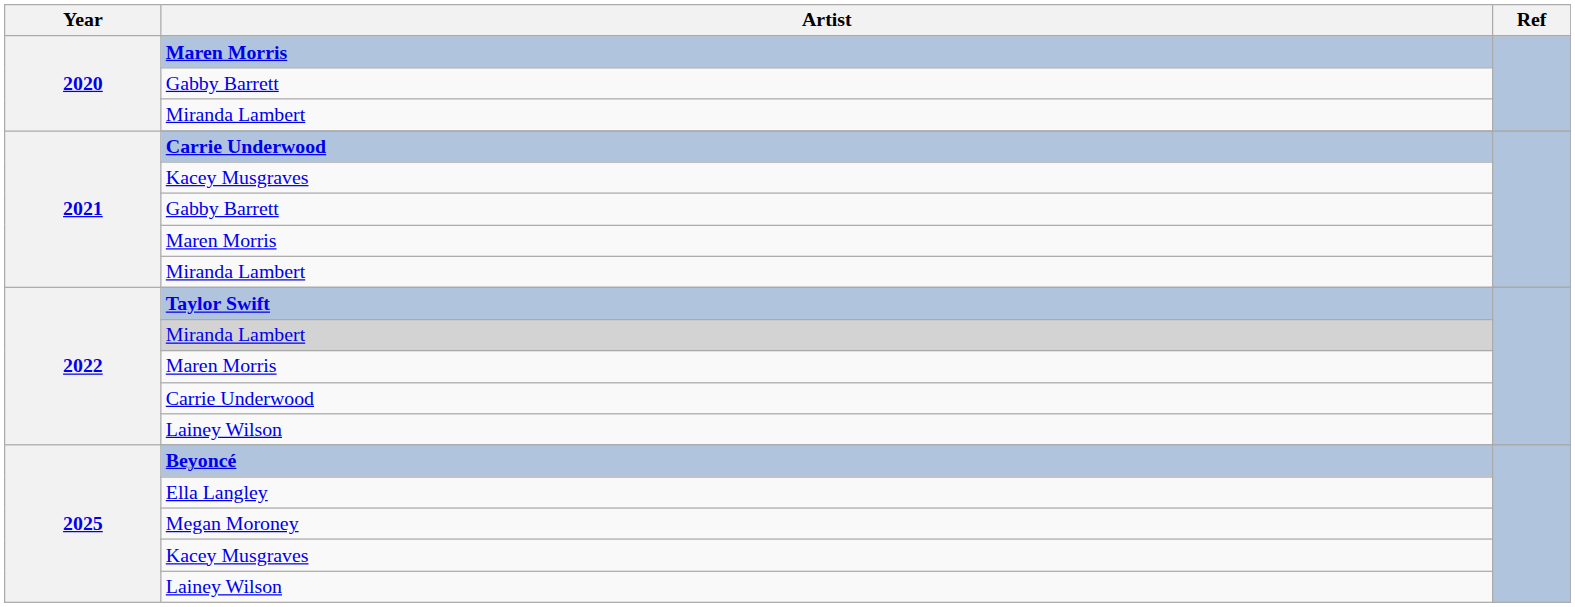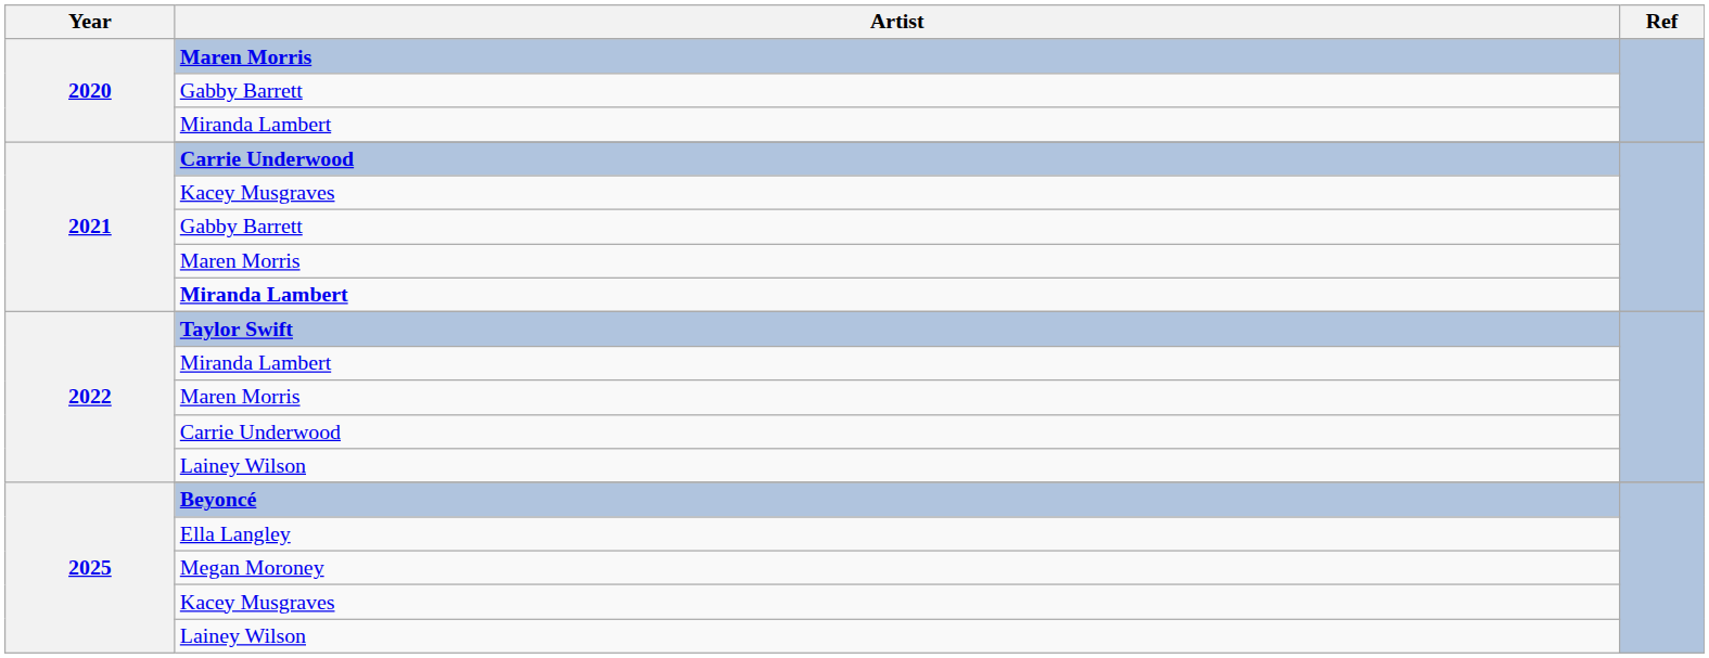 <table class="wikitable" width="100%">
 <tr>
 <th width="10%">Year</th>
 <th width="85%">Artist</th>
 <th width="5%">Ref</th>
 </tr>
 <tr>
 <th rowspan="4" align="center"><a href='#'>2020<br></a></th>
 </tr>
 <tr style="background:#B0C4DE">
 <td><strong><a href='#'>Maren Morris</a></strong></td>
 <td rowspan=3 align="center"></td>
 </tr>
 <tr>
 <td><a href='#'>Gabby Barrett</a></td>
 </tr>
 <tr>
 <td><a href='#'>Miranda Lambert</a></td>
 </tr>
 <tr>
 <th rowspan="6" align="center"><a href='#'>2021<br></a></th>
 </tr>
 <tr style="background:#B0C4DE">
 <td><strong><a href='#'>Carrie Underwood</a></strong></td>
 <td rowspan=5 align="center"></td>
 </tr>
 <tr>
 <td><a href='#'>Kacey Musgraves</a></td>
 </tr>
 <tr>
 <td><a href='#'>Gabby Barrett</a></td>
 </tr>
 <tr>
 <td><a href='#'>Maren Morris</a></td>
 </tr>
 <tr>
-<td><a href='#'>Miranda Lambert</a></td>
+<td><strong><a href='#'>Miranda Lambert</a></strong></td>
 </tr>
 <tr>
 <th rowspan="6"><a href='#'>2022<br></a></th>
 </tr>
 <tr style="background:#B0C4DE">
 <td><strong><a href='#'>Taylor Swift</a></strong></td>
 <td rowspan=5 align="center"></td>
 </tr>
 <tr>
-<td style="background: lightgrey;"><a href='#'>Miranda Lambert</a></td>
+<td><a href='#'>Miranda Lambert</a></td>
 </tr>
 <tr>
 <td><a href='#'>Maren Morris</a></td>
 </tr>
 <tr>
 <td><a href='#'>Carrie Underwood</a></td>
 </tr>
 <tr>
 <td><a href='#'>Lainey Wilson</a></td>
 </tr>
 <tr>
 <th rowspan="6"><a href='#'>2025<br></a></th>
 </tr>
 <tr style="background:#B0C4DE">
 <td><strong><a href='#'>Beyoncé</a></strong></td>
 <td rowspan=5 align="center"></td>
 </tr>
 <tr>
 <td><a href='#'>Ella Langley</a></td>
 </tr>
 <tr>
 <td><a href='#'>Megan Moroney</a></td>
 </tr>
 <tr>
 <td><a href='#'>Kacey Musgraves</a></td>
 </tr>
 <tr>
 <td><a href='#'>Lainey Wilson</a></td>
 </tr>
 </table>
